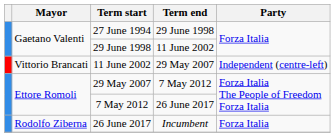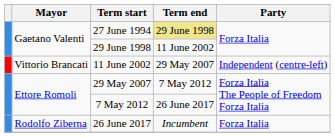 <table class="wikitable">
 <tr>
 <th class=unsortable> </th>
 <th>Mayor</th>
 <th>Term start</th>
 <th>Term end</th>
 <th>Party</th>
 </tr>
 <tr>
 <th rowspan=2 style="background:#318CE7;"></th>
 <td rowspan=2>Gaetano Valenti</td>
 <td align=center>27 June 1994</td>
-<td align=center>29 June 1998</td>
+<td align=center style="background: khaki;">29 June 1998</td>
 <td rowspan=2><a href='#'>Forza Italia</a></td>
 </tr>
 <tr>
 <td align=center>29 June 1998</td>
 <td align=center>11 June 2002</td>
 </tr>
 <tr>
 <th style="background:#FF0000;"></th>
 <td>Vittorio Brancati</td>
 <td align=center>11 June 2002</td>
 <td align=center>29 May 2007</td>
 <td><a href='#'>Independent</a> (<a href='#'>centre-left</a>)</td>
 </tr>
 <tr>
 <th rowspan=2 style="background:#318CE7;"></th>
 <td rowspan=2><a href='#'>Ettore Romoli</a></td>
 <td align=center>29 May 2007</td>
 <td align=center>7 May 2012</td>
 <td rowspan=2><a href='#'>Forza Italia</a><br><a href='#'>The People of Freedom</a><br><a href='#'>Forza Italia</a></td>
 </tr>
 <tr>
 <td align=center>7 May 2012</td>
 <td align=center>26 June 2017</td>
 </tr>
 <tr>
 <th style="background:#318CE7;"></th>
 <td><a href='#'>Rodolfo Ziberna</a></td>
 <td align=center>26 June 2017</td>
 <td align=center><em>Incumbent</em></td>
 <td><a href='#'>Forza Italia</a></td>
 </tr>
 <tr>
 </tr>
 </table>
